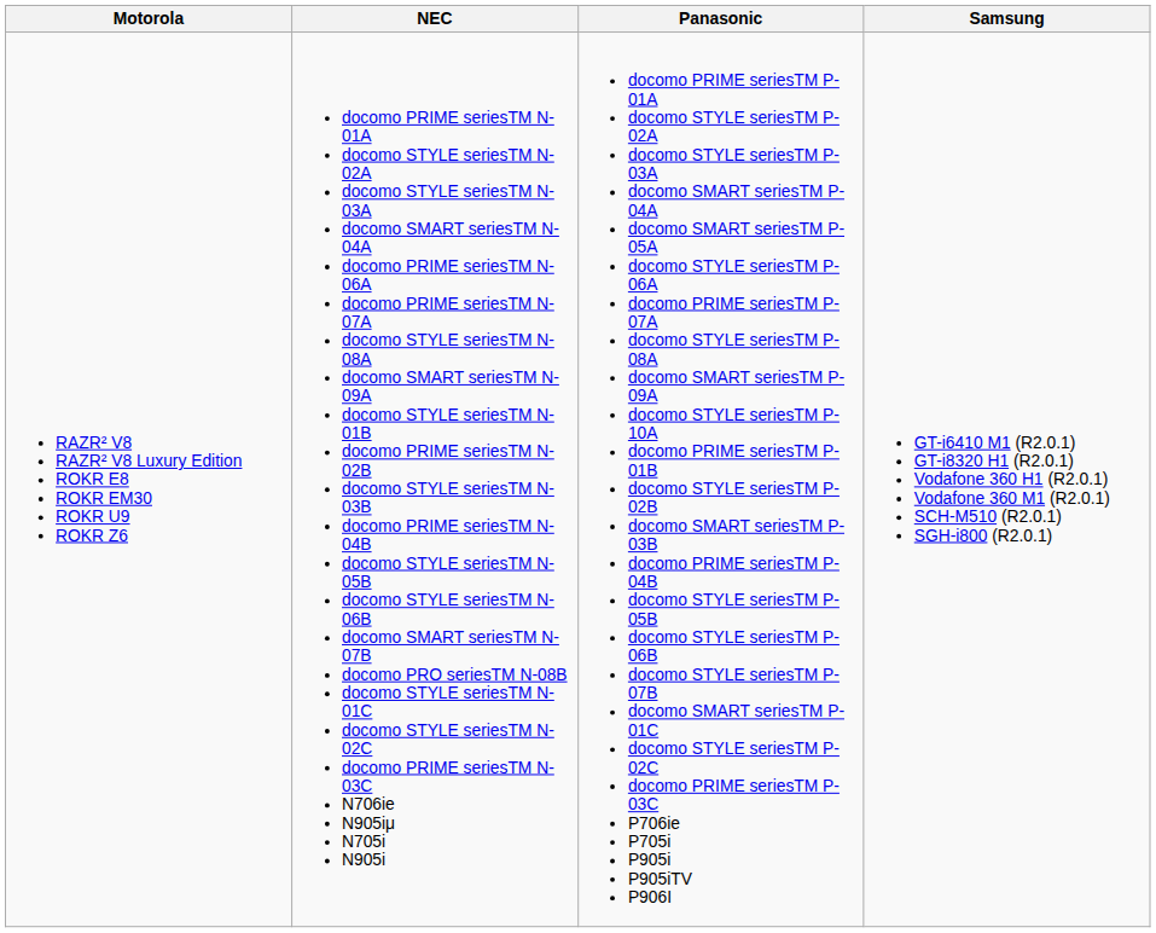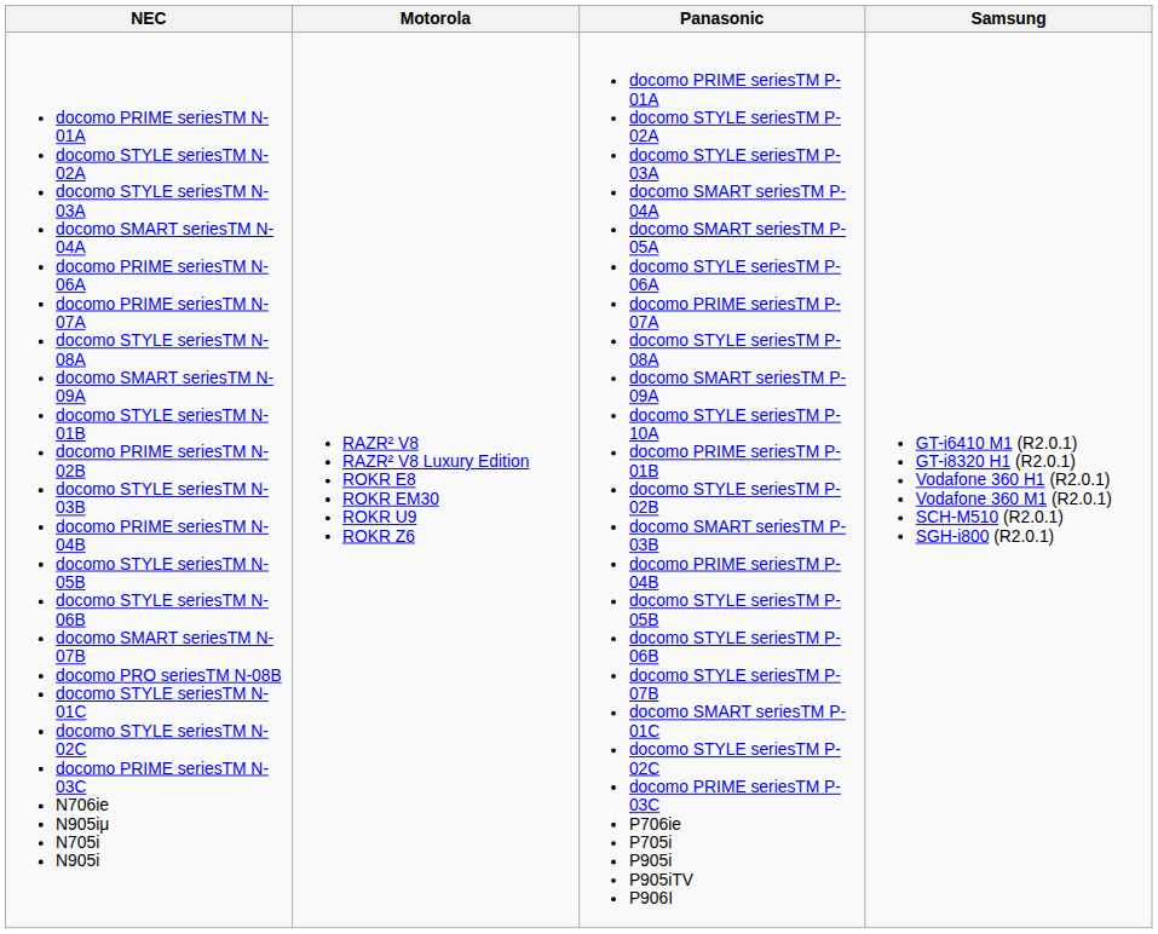 <table class="wikitable" style="text-align:left; font-size: 90%;">
 <tr>
+<th width="240">NEC</th>
 <th width="240">Motorola</th>
-<th width="240">NEC</th>
 <th width="240">Panasonic</th>
 <th width="240">Samsung</th>
 </tr>
 <tr>
+<td><br><ul><li><a href='#'>docomo PRIME seriesTM N-01A</a></li><li><a href='#'>docomo STYLE seriesTM N-02A</a></li><li><a href='#'>docomo STYLE seriesTM N-03A</a></li><li><a href='#'>docomo SMART seriesTM N-04A</a></li><li><a href='#'>docomo PRIME seriesTM N-06A</a></li><li><a href='#'>docomo PRIME seriesTM N-07A</a></li><li><a href='#'>docomo STYLE seriesTM N-08A</a></li><li><a href='#'>docomo SMART seriesTM N-09A</a></li><li><a href='#'>docomo STYLE seriesTM N-01B</a></li><li><a href='#'>docomo PRIME seriesTM N-02B</a></li><li><a href='#'>docomo STYLE seriesTM N-03B</a></li><li><a href='#'>docomo PRIME seriesTM N-04B</a></li><li><a href='#'>docomo STYLE seriesTM N-05B</a></li><li><a href='#'>docomo STYLE seriesTM N-06B</a></li><li><a href='#'>docomo SMART seriesTM N-07B</a></li><li><a href='#'>docomo PRO seriesTM N-08B</a></li><li><a href='#'>docomo STYLE seriesTM N-01C</a></li><li><a href='#'>docomo STYLE seriesTM N-02C</a></li><li><a href='#'>docomo PRIME seriesTM N-03C</a></li><li>N706ie</li><li>N905iμ</li><li>N705i</li><li>N905i</li></ul></td>
 <td><br><ul><li><a href='#'>RAZR² V8</a></li><li><a href='#'>RAZR² V8 Luxury Edition</a></li><li><a href='#'>ROKR E8</a></li><li><a href='#'>ROKR EM30</a></li><li><a href='#'>ROKR U9</a></li><li><a href='#'>ROKR Z6</a></li></ul></td>
-<td><br><ul><li><a href='#'>docomo PRIME seriesTM N-01A</a></li><li><a href='#'>docomo STYLE seriesTM N-02A</a></li><li><a href='#'>docomo STYLE seriesTM N-03A</a></li><li><a href='#'>docomo SMART seriesTM N-04A</a></li><li><a href='#'>docomo PRIME seriesTM N-06A</a></li><li><a href='#'>docomo PRIME seriesTM N-07A</a></li><li><a href='#'>docomo STYLE seriesTM N-08A</a></li><li><a href='#'>docomo SMART seriesTM N-09A</a></li><li><a href='#'>docomo STYLE seriesTM N-01B</a></li><li><a href='#'>docomo PRIME seriesTM N-02B</a></li><li><a href='#'>docomo STYLE seriesTM N-03B</a></li><li><a href='#'>docomo PRIME seriesTM N-04B</a></li><li><a href='#'>docomo STYLE seriesTM N-05B</a></li><li><a href='#'>docomo STYLE seriesTM N-06B</a></li><li><a href='#'>docomo SMART seriesTM N-07B</a></li><li><a href='#'>docomo PRO seriesTM N-08B</a></li><li><a href='#'>docomo STYLE seriesTM N-01C</a></li><li><a href='#'>docomo STYLE seriesTM N-02C</a></li><li><a href='#'>docomo PRIME seriesTM N-03C</a></li><li>N706ie</li><li>N905iμ</li><li>N705i</li><li>N905i</li></ul></td>
 <td><br><ul><li><a href='#'>docomo PRIME seriesTM P-01A</a></li><li><a href='#'>docomo STYLE seriesTM P-02A</a></li><li><a href='#'>docomo STYLE seriesTM P-03A</a></li><li><a href='#'>docomo SMART seriesTM P-04A</a></li><li><a href='#'>docomo SMART seriesTM P-05A</a></li><li><a href='#'>docomo STYLE seriesTM P-06A</a></li><li><a href='#'>docomo PRIME seriesTM P-07A</a></li><li><a href='#'>docomo STYLE seriesTM P-08A</a></li><li><a href='#'>docomo SMART seriesTM P-09A</a></li><li><a href='#'>docomo STYLE seriesTM P-10A</a></li><li><a href='#'>docomo PRIME seriesTM P-01B</a></li><li><a href='#'>docomo STYLE seriesTM P-02B</a></li><li><a href='#'>docomo SMART seriesTM P-03B</a></li><li><a href='#'>docomo PRIME seriesTM P-04B</a></li><li><a href='#'>docomo STYLE seriesTM P-05B</a></li><li><a href='#'>docomo STYLE seriesTM P-06B</a></li><li><a href='#'>docomo STYLE seriesTM P-07B</a></li><li><a href='#'>docomo SMART seriesTM P-01C</a></li><li><a href='#'>docomo STYLE seriesTM P-02C</a></li><li><a href='#'>docomo PRIME seriesTM P-03C</a></li><li>P706ie</li><li>P705i</li><li>P905i</li><li>P905iTV</li><li>P906I</li></ul></td>
 <td><br><ul><li><a href='#'>GT-i6410 M1</a> (R2.0.1)</li><li><a href='#'>GT-i8320 H1</a> (R2.0.1)</li><li><a href='#'>Vodafone 360 H1</a> (R2.0.1)</li><li><a href='#'>Vodafone 360 M1</a> (R2.0.1)</li><li><a href='#'>SCH-M510</a> (R2.0.1)</li><li><a href='#'>SGH-i800</a> (R2.0.1)</li></ul></td>
 </tr>
 </table>
